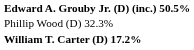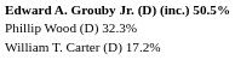 <table>
 <tr>
 <td><strong>Edward A. Grouby Jr. (D) (inc.) 50.5%</strong></td>
 </tr>
 <tr>
 <td>Phillip Wood (D) 32.3%</td>
 </tr>
 <tr>
-<td><strong>William T. Carter (D) 17.2%</strong></td>
+<td>William T. Carter (D) 17.2%</td>
 </tr>
 </table>
